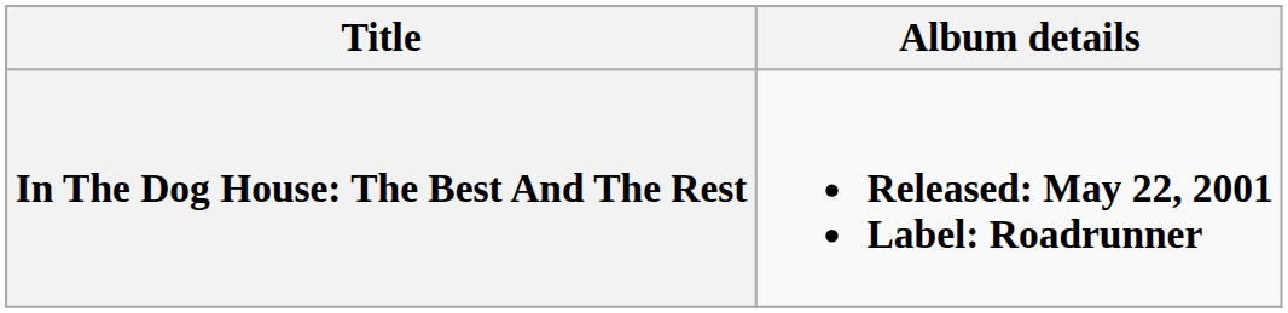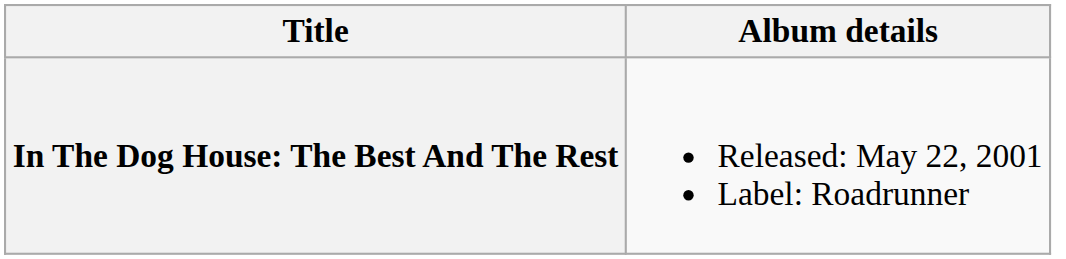 <table class="wikitable plainrowheaders">
 <tr>
 <th rowspan="1" scope="col">Title</th>
 <th rowspan="1" scope="col">Album details</th>
 </tr>
 <tr>
 <th scope="row">In The Dog House: The Best And The Rest</th>
-<td><strong><br><ul><li>Released: May 22, 2001</li><li>Label: Roadrunner</li></ul></strong></td>
+<td><br><ul><li>Released: May 22, 2001</li><li>Label: Roadrunner</li></ul></td>
 </tr>
 </table>
